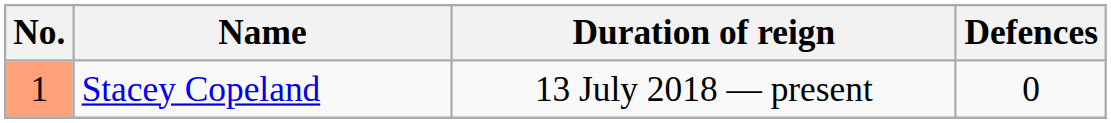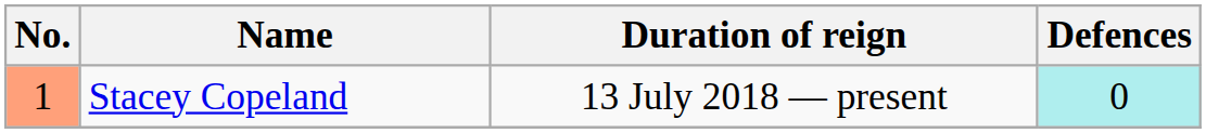 <table class="wikitable" width=80%>
 <tr>
 <th width=3%>No.</th>
 <th width=37%>Name</th>
 <th width=50%>Duration of reign</th>
 <th width=10%>Defences<br></th>
 </tr>
 <tr align=center>
 <td style="background: lightsalmon;">1</td>
 <td align=left> <a href='#'>Stacey Copeland</a></td>
 <td>13 July 2018 — present</td>
-<td>0</td>
+<td style="background: paleturquoise;">0</td>
 </tr>
 <tr align=center>
 </tr>
 </table>
